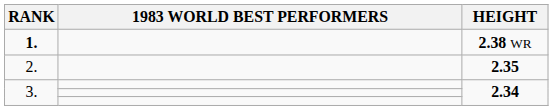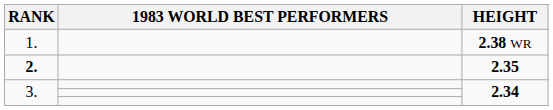 <table class=wikitable>
 <tr>
 <th>RANK</th>
 <th align="center" style="width: 25em">1983 WORLD BEST PERFORMERS</th>
 <th align="center" style="width: 5em">HEIGHT</th>
 </tr>
 <tr>
-<td align="center"><strong>1.</strong></td>
+<td align="center">1.</td>
 <td></td>
 <td align="center"><strong>2.38</strong> <small>WR</small></td>
 </tr>
 <tr>
-<td align="center">2.</td>
+<td align="center"><strong>2.</strong></td>
 <td></td>
 <td align="center"><strong>2.35</strong></td>
 </tr>
 <tr>
 <td rowspan=3 align="center">3.</td>
 <td></td>
 <td rowspan=3 align="center"><strong>2.34</strong></td>
 </tr>
 <tr>
 <td></td>
 </tr>
 <tr>
 <td></td>
 </tr>
 </table>
